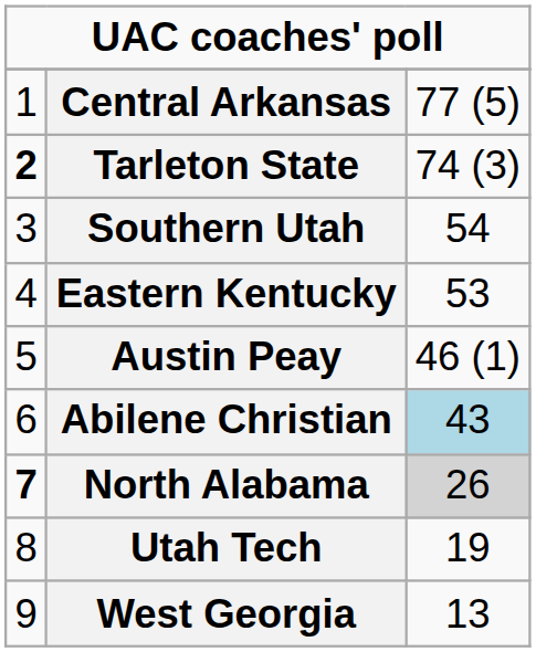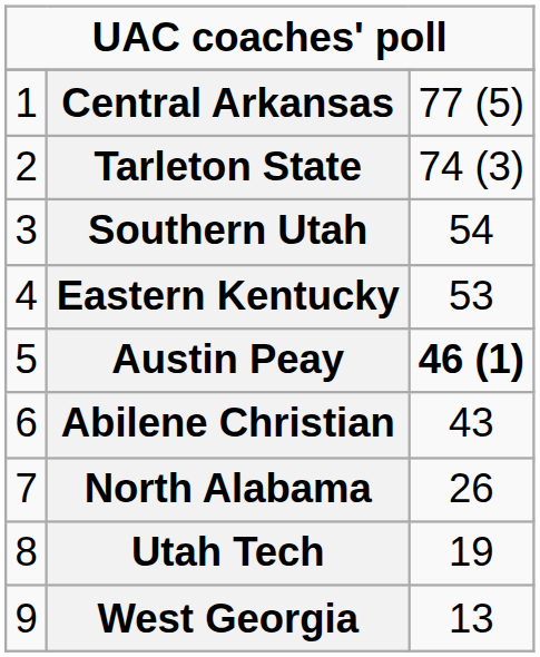 <table class="wikitable" style="display: inline-table;">
 <tr>
 <td align="center" Colspan="3"><strong>UAC coaches' poll</strong></td>
 </tr>
 <tr align="center">
 </tr>
 <tr align="center">
 <td>1</td>
 <th>Central Arkansas</th>
 <td>77 (5)</td>
 </tr>
 <tr align="center">
-<td><strong>2</strong></td>
+<td>2</td>
 <th>Tarleton State</th>
 <td>74 (3)</td>
 </tr>
 <tr align="center">
 <td>3</td>
 <th>Southern Utah</th>
 <td>54</td>
 </tr>
 <tr align="center">
 <td>4</td>
 <th>Eastern Kentucky</th>
 <td>53</td>
 </tr>
 <tr align="center">
 <td>5</td>
 <th>Austin Peay</th>
-<td>46 (1)</td>
+<td><strong>46 (1)</strong></td>
 </tr>
 <tr align="center">
 <td>6</td>
 <th>Abilene Christian</th>
-<td style="background: lightblue;">43</td>
+<td>43</td>
 </tr>
 <tr align="center">
-<td><strong>7</strong></td>
+<td>7</td>
 <th><strong>North Alabama</strong></th>
-<td style="background: lightgrey;">26</td>
+<td>26</td>
 </tr>
 <tr align="center">
 <td>8</td>
 <th>Utah Tech</th>
 <td>19</td>
 </tr>
 <tr align="center">
 <td>9</td>
 <th>West Georgia</th>
 <td>13</td>
 </tr>
 </table>
